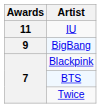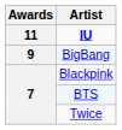 <table class="wikitable plainrowheaders" style="text-align:center">
 <tr>
 <th scope="col">Awards</th>
 <th scope="col">Artist</th>
 </tr>
 <tr>
 <th scope="row" style="text-align:center">11</th>
-<td><a href='#'>IU</a></td>
+<td><strong><a href='#'>IU</a></strong></td>
 </tr>
 <tr>
 <th scope="row" style="text-align:center">9</th>
 <td style="background:#F0F8FF"><a href='#'>BigBang</a></td>
 </tr>
 <tr>
 <th scope="row" style="text-align:center" rowspan="3">7</th>
 <td><a href='#'>Blackpink</a></td>
 </tr>
 <tr style="background:#F0F8FF">
 <td><a href='#'>BTS</a></td>
 </tr>
 <tr>
 <td><a href='#'>Twice</a></td>
 </tr>
 </table>
